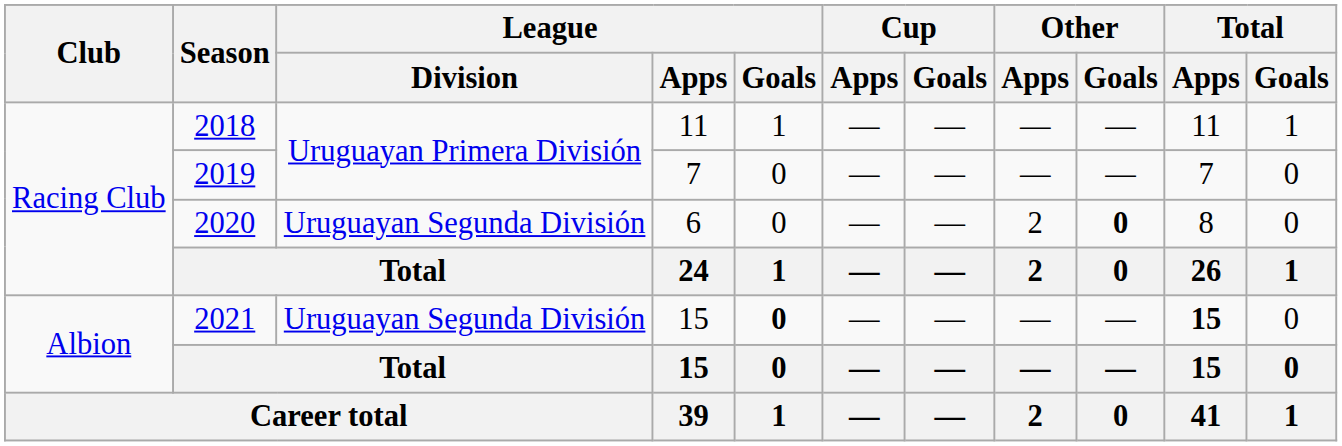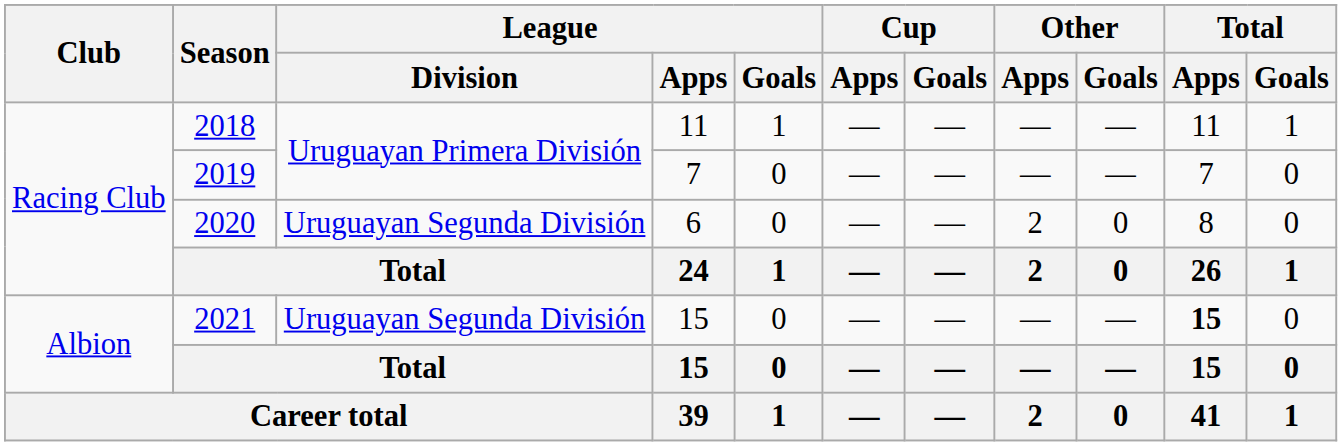 <table class=wikitable style=text-align:center>
 <tr>
 <th rowspan=2>Club</th>
 <th rowspan=2>Season</th>
 <th colspan=3>League</th>
 <th colspan=2>Cup</th>
 <th colspan=2>Other</th>
 <th colspan=2>Total</th>
 </tr>
 <tr>
 <th>Division</th>
 <th>Apps</th>
 <th>Goals</th>
 <th>Apps</th>
 <th>Goals</th>
 <th>Apps</th>
 <th>Goals</th>
 <th>Apps</th>
 <th>Goals</th>
 </tr>
 <tr>
 <td rowspan=4><a href='#'>Racing Club</a></td>
 <td><a href='#'>2018</a></td>
 <td rowspan=2><a href='#'>Uruguayan Primera División</a></td>
 <td>11</td>
 <td>1</td>
 <td>—</td>
 <td>—</td>
 <td>—</td>
 <td>—</td>
 <td>11</td>
 <td>1</td>
 </tr>
 <tr>
 <td><a href='#'>2019</a></td>
 <td>7</td>
 <td>0</td>
 <td>—</td>
 <td>—</td>
 <td>—</td>
 <td>—</td>
 <td>7</td>
 <td>0</td>
 </tr>
 <tr>
 <td><a href='#'>2020</a></td>
 <td><a href='#'>Uruguayan Segunda División</a></td>
 <td>6</td>
 <td>0</td>
 <td>—</td>
 <td>—</td>
 <td>2</td>
-<td><strong>0</strong></td>
+<td>0</td>
 <td>8</td>
 <td>0</td>
 </tr>
 <tr>
 <th colspan="2">Total</th>
 <th>24</th>
 <th>1</th>
 <th>—</th>
 <th>—</th>
 <th>2</th>
 <th>0</th>
 <th>26</th>
 <th>1</th>
 </tr>
 <tr>
 <td rowspan=2><a href='#'>Albion</a></td>
 <td><a href='#'>2021</a></td>
 <td><a href='#'>Uruguayan Segunda División</a></td>
 <td>15</td>
-<td><strong>0</strong></td>
+<td>0</td>
 <td>—</td>
 <td>—</td>
 <td>—</td>
 <td>—</td>
 <td><strong>15</strong></td>
 <td>0</td>
 </tr>
 <tr>
 <th colspan="2">Total</th>
 <th>15</th>
 <th>0</th>
 <th>—</th>
 <th>—</th>
 <th>—</th>
 <th>—</th>
 <th>15</th>
 <th>0</th>
 </tr>
 <tr>
 <th colspan=3>Career total</th>
 <th>39</th>
 <th>1</th>
 <th>—</th>
 <th>—</th>
 <th>2</th>
 <th>0</th>
 <th>41</th>
 <th>1</th>
 </tr>
 </table>
